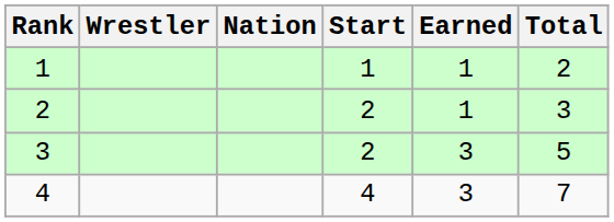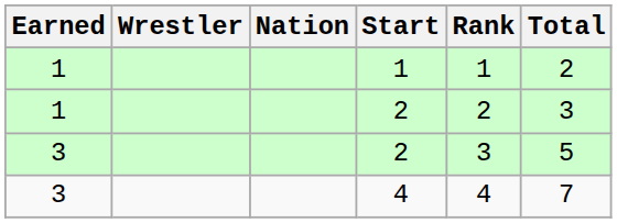 <table class="wikitable sortable" style="text-align:center;">
 <tr>
-<th>Rank</th>
+<th>Earned</th>
 <th>Wrestler</th>
 <th>Nation</th>
 <th>Start</th>
-<th>Earned</th>
+<th>Rank</th>
 <th>Total</th>
 </tr>
 <tr style="background:#cfc;">
 <td>1</td>
 <td align=left></td>
 <td align=left></td>
 <td>1</td>
 <td>1</td>
 <td>2</td>
 </tr>
 <tr style="background:#cfc;">
-<td>2</td>
+<td>1</td>
 <td align=left></td>
 <td align=left></td>
 <td>2</td>
-<td>1</td>
+<td>2</td>
 <td>3</td>
 </tr>
 <tr style="background:#cfc;">
 <td>3</td>
 <td align=left></td>
 <td align=left></td>
 <td>2</td>
 <td>3</td>
 <td>5</td>
 </tr>
 <tr>
-<td>4</td>
+<td>3</td>
 <td align=left></td>
 <td align=left></td>
 <td>4</td>
-<td>3</td>
+<td>4</td>
 <td>7</td>
 </tr>
 </table>
